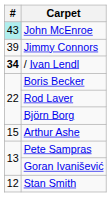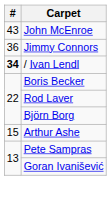 <table class=wikitable style="display:inline-table;">
 <tr>
 <th>#</th>
 <th>Carpet</th>
 </tr>
 <tr>
-<td style="background: paleturquoise;">43</td>
+<td>43</td>
 <td> <a href='#'>John McEnroe</a></td>
 </tr>
 <tr>
-<td>39</td>
+<td>36</td>
 <td> <a href='#'>Jimmy Connors</a></td>
 </tr>
 <tr>
 <td><strong>34</strong></td>
 <td>/ <a href='#'>Ivan Lendl</a></td>
 </tr>
 <tr>
 <td rowspan="3">22</td>
 <td> <a href='#'>Boris Becker</a></td>
 </tr>
 <tr>
 <td> <a href='#'>Rod Laver</a></td>
 </tr>
 <tr>
 <td> <a href='#'>Björn Borg</a></td>
 </tr>
 <tr>
 <td>15</td>
 <td> <a href='#'>Arthur Ashe</a></td>
 </tr>
 <tr>
 <td rowspan="2">13</td>
 <td> <a href='#'>Pete Sampras</a></td>
 </tr>
 <tr>
 <td> <a href='#'>Goran Ivanišević</a></td>
 </tr>
-<tr>
-<td>12</td>
-<td> <a href='#'>Stan Smith</a></td>
-</tr>
 </table>
